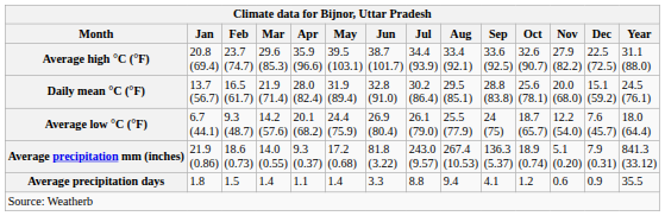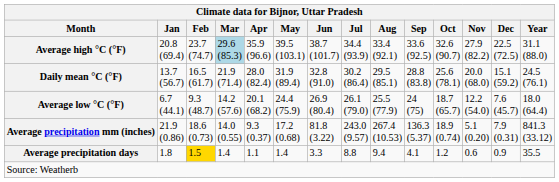 <table class="wikitable mw-collapsible">
 <tr>
 <th colspan="14">Climate data for Bijnor, Uttar Pradesh</th>
 </tr>
 <tr>
 <th>Month</th>
 <th>Jan</th>
 <th>Feb</th>
 <th>Mar</th>
 <th>Apr</th>
 <th>May</th>
 <th>Jun</th>
 <th>Jul</th>
 <th>Aug</th>
 <th>Sep</th>
 <th>Oct</th>
 <th>Nov</th>
 <th>Dec</th>
 <th>Year</th>
 </tr>
 <tr>
 <th>Average high °C (°F)</th>
 <td>20.8<br>(69.4)</td>
 <td>23.7<br>(74.7)</td>
-<td>29.6<br>(85.3)</td>
+<td style="background: lightblue;">29.6<br>(85.3)</td>
 <td>35.9<br>(96.6)</td>
 <td>39.5<br>(103.1)</td>
 <td>38.7<br>(101.7)</td>
 <td>34.4<br>(93.9)</td>
 <td>33.4<br>(92.1)</td>
 <td>33.6<br>(92.5)</td>
 <td>32.6<br>(90.7)</td>
 <td>27.9<br>(82.2)</td>
 <td>22.5<br>(72.5)</td>
 <td>31.1<br>(88.0)</td>
 </tr>
 <tr>
 <th>Daily mean °C (°F)</th>
 <td>13.7<br>(56.7)</td>
 <td>16.5<br>(61.7)</td>
 <td>21.9<br>(71.4)</td>
 <td>28.0<br>(82.4)</td>
 <td>31.9<br>(89.4)</td>
 <td>32.8<br>(91.0)</td>
 <td>30.2<br>(86.4)</td>
 <td>29.5<br>(85.1)</td>
 <td>28.8<br>(83.8)</td>
 <td>25.6<br>(78.1)</td>
 <td>20.0<br>(68.0)</td>
 <td>15.1<br>(59.2)</td>
 <td>24.5<br>(76.1)</td>
 </tr>
 <tr>
 <th>Average low °C (°F)</th>
 <td>6.7<br>(44.1)</td>
 <td>9.3<br>(48.7)</td>
 <td>14.2<br>(57.6)</td>
 <td>20.1<br>(68.2)</td>
 <td>24.4<br>(75.9)</td>
 <td>26.9<br>(80.4)</td>
 <td>26.1<br>(79.0)</td>
 <td>25.5<br>(77.9)</td>
 <td>24<br>(75)</td>
 <td>18.7<br>(65.7)</td>
 <td>12.2<br>(54.0)</td>
 <td>7.6<br>(45.7)</td>
 <td>18.0<br>(64.4)</td>
 </tr>
 <tr>
 <th>Average <a href='#'>precipitation</a> mm (inches)</th>
 <td>21.9<br>(0.86)</td>
 <td>18.6<br>(0.73)</td>
 <td>14.0<br>(0.55)</td>
 <td>9.3<br>(0.37)</td>
 <td>17.2<br>(0.68)</td>
 <td>81.8<br>(3.22)</td>
 <td>243.0<br>(9.57)</td>
 <td>267.4<br>(10.53)</td>
 <td>136.3<br>(5.37)</td>
 <td>18.9<br>(0.74)</td>
 <td>5.1<br>(0.20)</td>
 <td>7.9<br>(0.31)</td>
 <td>841.3<br>(33.12)</td>
 </tr>
 <tr>
 <th>Average precipitation days</th>
 <td>1.8</td>
-<td>1.5</td>
+<td style="background: gold;">1.5</td>
 <td>1.4</td>
 <td>1.1</td>
 <td>1.4</td>
 <td>3.3</td>
 <td>8.8</td>
 <td>9.4</td>
 <td>4.1</td>
 <td>1.2</td>
 <td>0.6</td>
 <td>0.9</td>
 <td>35.5</td>
 </tr>
 <tr>
 <td colspan="14">Source: Weatherb</td>
 </tr>
 </table>
